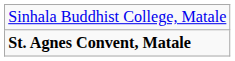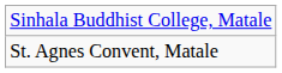 <table class="wikitable">
 <tr>
 <td><a href='#'>Sinhala Buddhist College, Matale</a></td>
 </tr>
 <tr>
-<td><strong>St. Agnes Convent, Matale</strong></td>
+<td>St. Agnes Convent, Matale</td>
 </tr>
 </table>
